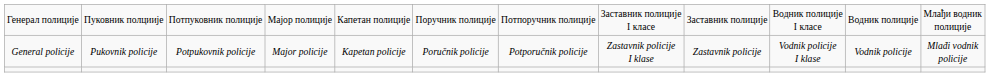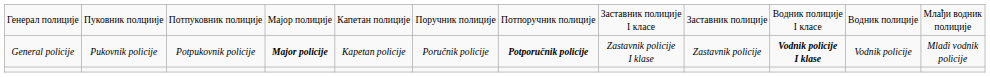 <table class="wikitable" style="text-align:center">
 <tr>
 <td><small>Генерал полиције</small></td>
 <td><small>Пуковник полциије</small></td>
 <td><small>Потпуковник полиције</small></td>
 <td><small>Мајор полиције</small></td>
 <td><small>Капетан полиције</small></td>
 <td><small>Поручник полиције</small></td>
 <td><small>Потпоручник полиције</small></td>
 <td><small>Заставник полиције<br>I класе</small></td>
 <td><small>Заставник полиције</small></td>
 <td><small>Водник полиције<br>I класе</small></td>
 <td><small>Водник полиције</small></td>
 <td><small>Млађи водник<br>полиције</small></td>
 </tr>
 <tr>
 <td><small><em>General policije</em></small></td>
 <td><small><em>Pukovnik policije</em></small></td>
 <td><small><em>Potpukovnik policije</em></small></td>
-<td><small><em>Major policije</em></small></td>
+<td><strong><small><em>Major policije</em></small></strong></td>
 <td><small><em>Kapetan policije</em></small></td>
 <td><small><em>Poručnik policije</em></small></td>
-<td><small><em>Potporučnik policije</em></small></td>
+<td><strong><small><em>Potporučnik policije</em></small></strong></td>
 <td><small><em>Zastavnik policije</em><br><em>I klase</em></small></td>
 <td><small><em>Zastavnik policije</em></small></td>
-<td><small><em>Vodnik policije</em><br><em>I klase</em></small></td>
+<td><strong><small><em>Vodnik policije</em><br><em>I klase</em></small></strong></td>
 <td><small><em>Vodnik policije</em></small></td>
 <td><small><em>Mlađi vodnik</em><br><em>policije</em></small></td>
 </tr>
 <tr>
 <td></td>
 <td></td>
 <td></td>
 <td></td>
 <td></td>
 <td></td>
 <td></td>
 <td></td>
 <td></td>
 <td></td>
 <td></td>
 <td></td>
 </tr>
 </table>
